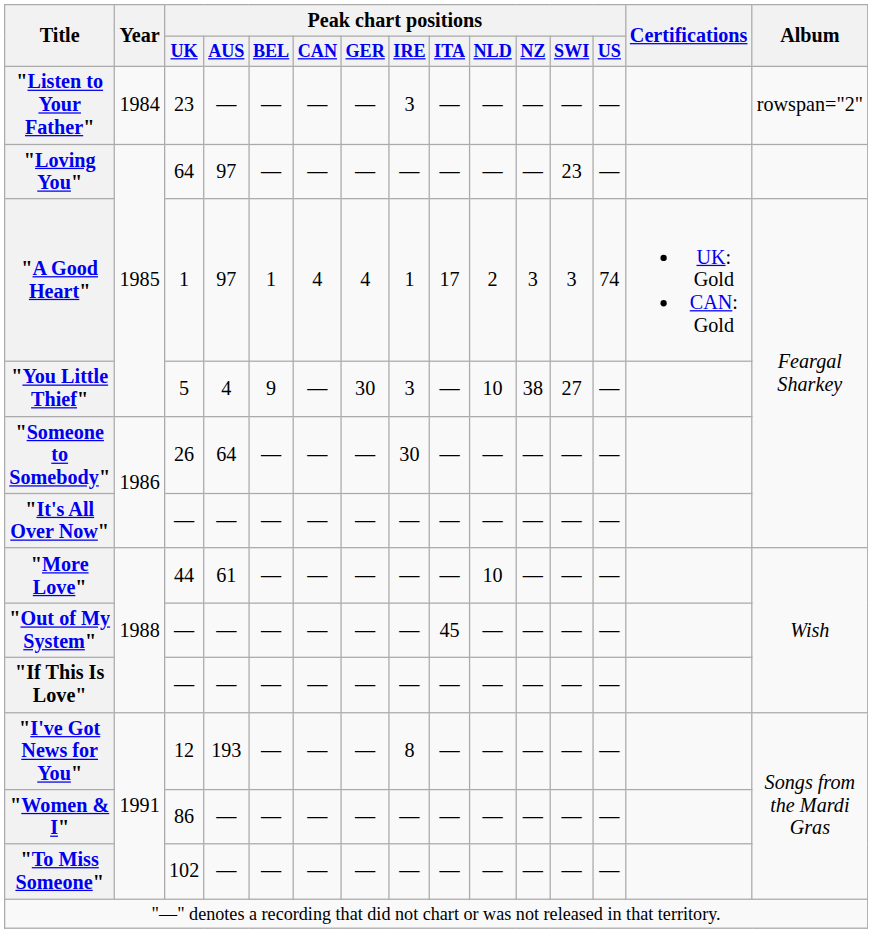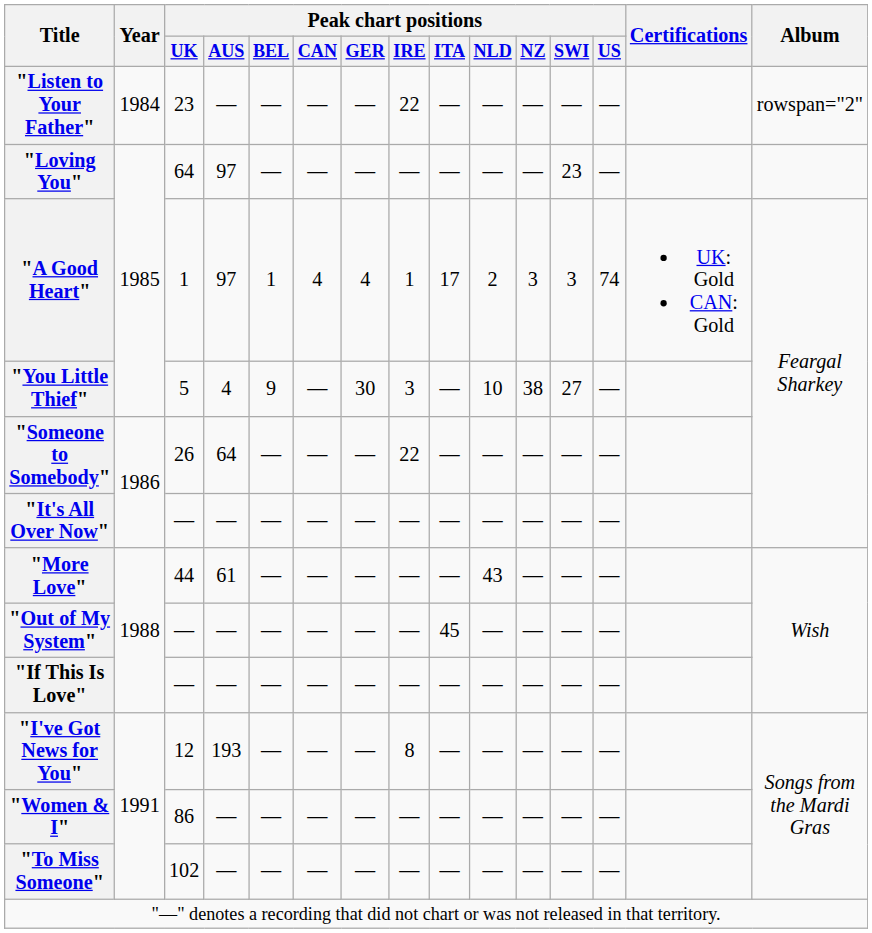 <table class="wikitable plainrowheaders" style="text-align:center;">
 <tr>
 <th scope="col" rowspan="2" style="width:16em;">Title</th>
 <th scope="col" rowspan="2">Year</th>
 <th scope="col" colspan="11">Peak chart positions</th>
 <th scope="col" rowspan="2"><a href='#'>Certifications</a></th>
 <th scope="col" rowspan="2">Album</th>
 </tr>
 <tr>
 <th scope="col" style="width:2.5em;font-size:90%;"><a href='#'>UK</a><br></th>
 <th scope="col" style="width:2.5em;font-size:90%;"><a href='#'>AUS</a><br></th>
 <th scope="col" style="width:2.5em;font-size:90%;"><a href='#'>BEL</a><br></th>
 <th scope="col" style="width:2.5em;font-size:90%;"><a href='#'>CAN</a><br></th>
 <th scope="col" style="width:2.5em;font-size:90%;"><a href='#'>GER</a><br></th>
 <th scope="col" style="width:2.5em;font-size:90%;"><a href='#'>IRE</a><br></th>
 <th scope="col" style="width:2.5em;font-size:90%;"><a href='#'>ITA</a><br></th>
 <th scope="col" style="width:2.5em;font-size:90%;"><a href='#'>NLD</a><br></th>
 <th scope="col" style="width:2.5em;font-size:90%;"><a href='#'>NZ</a><br></th>
 <th scope="col" style="width:2.5em;font-size:90%;"><a href='#'>SWI</a><br></th>
 <th scope="col" style="width:2.5em;font-size:90%;"><a href='#'>US</a><br></th>
 </tr>
 <tr>
 <th scope="row">"<a href='#'>Listen to Your Father</a>"</th>
 <td>1984</td>
 <td>23</td>
 <td>—</td>
 <td>—</td>
 <td>—</td>
 <td>—</td>
-<td>3</td>
+<td>22</td>
 <td>—</td>
 <td>—</td>
 <td>—</td>
 <td>—</td>
 <td>—</td>
 <td></td>
 <td>rowspan="2" </td>
 </tr>
 <tr>
 <th scope="row">"<a href='#'>Loving You</a>"</th>
 <td rowspan="3">1985</td>
 <td>64</td>
 <td>97</td>
 <td>—</td>
 <td>—</td>
 <td>—</td>
 <td>—</td>
 <td>—</td>
 <td>—</td>
 <td>—</td>
 <td>23</td>
 <td>—</td>
 <td></td>
 </tr>
 <tr>
 <th scope="row">"<a href='#'>A Good Heart</a>"</th>
 <td>1</td>
 <td>97</td>
 <td>1</td>
 <td>4</td>
 <td>4</td>
 <td>1</td>
 <td>17</td>
 <td>2</td>
 <td>3</td>
 <td>3</td>
 <td>74</td>
 <td><br><ul><li><a href='#'>UK</a>: Gold</li><li><a href='#'>CAN</a>: Gold</li></ul></td>
 <td rowspan="4"><em>Feargal Sharkey</em></td>
 </tr>
 <tr>
 <th scope="row">"<a href='#'>You Little Thief</a>"</th>
 <td>5</td>
 <td>4</td>
 <td>9</td>
 <td>—</td>
 <td>30</td>
 <td>3</td>
 <td>—</td>
 <td>10</td>
 <td>38</td>
 <td>27</td>
 <td>—</td>
 <td></td>
 </tr>
 <tr>
 <th scope="row">"<a href='#'>Someone to Somebody</a>"</th>
 <td rowspan="2">1986</td>
 <td>26</td>
 <td>64</td>
 <td>—</td>
 <td>—</td>
 <td>—</td>
-<td>30</td>
+<td>22</td>
 <td>—</td>
 <td>—</td>
 <td>—</td>
 <td>—</td>
 <td>—</td>
 <td></td>
 </tr>
 <tr>
 <th scope="row">"<a href='#'>It's All Over Now</a>"</th>
 <td>—</td>
 <td>—</td>
 <td>—</td>
 <td>—</td>
 <td>—</td>
 <td>—</td>
 <td>—</td>
 <td>—</td>
 <td>—</td>
 <td>—</td>
 <td>—</td>
 <td></td>
 </tr>
 <tr>
 <th scope="row">"<a href='#'>More Love</a>"</th>
 <td rowspan="3">1988</td>
 <td>44</td>
 <td>61</td>
 <td>—</td>
 <td>—</td>
 <td>—</td>
 <td>—</td>
 <td>—</td>
-<td>10</td>
+<td>43</td>
 <td>—</td>
 <td>—</td>
 <td>—</td>
 <td></td>
 <td rowspan="3"><em>Wish</em></td>
 </tr>
 <tr>
 <th scope="row">"<a href='#'>Out of My System</a>"</th>
 <td>—</td>
 <td>—</td>
 <td>—</td>
 <td>—</td>
 <td>—</td>
 <td>—</td>
 <td>45</td>
 <td>—</td>
 <td>—</td>
 <td>—</td>
 <td>—</td>
 <td></td>
 </tr>
 <tr>
 <th scope="row">"If This Is Love"</th>
 <td>—</td>
 <td>—</td>
 <td>—</td>
 <td>—</td>
 <td>—</td>
 <td>—</td>
 <td>—</td>
 <td>—</td>
 <td>—</td>
 <td>—</td>
 <td>—</td>
 <td></td>
 </tr>
 <tr>
 <th scope="row">"<a href='#'>I've Got News for You</a>"</th>
 <td rowspan="3">1991</td>
 <td>12</td>
 <td>193</td>
 <td>—</td>
 <td>—</td>
 <td>—</td>
 <td>8</td>
 <td>—</td>
 <td>—</td>
 <td>—</td>
 <td>—</td>
 <td>—</td>
 <td></td>
 <td rowspan="3"><em>Songs from the Mardi Gras</em></td>
 </tr>
 <tr>
 <th scope="row">"<a href='#'>Women & I</a>"</th>
 <td>86</td>
 <td>—</td>
 <td>—</td>
 <td>—</td>
 <td>—</td>
 <td>—</td>
 <td>—</td>
 <td>—</td>
 <td>—</td>
 <td>—</td>
 <td>—</td>
 <td></td>
 </tr>
 <tr>
 <th scope="row">"<a href='#'>To Miss Someone</a>"</th>
 <td>102</td>
 <td>—</td>
 <td>—</td>
 <td>—</td>
 <td>—</td>
 <td>—</td>
 <td>—</td>
 <td>—</td>
 <td>—</td>
 <td>—</td>
 <td>—</td>
 <td></td>
 </tr>
 <tr>
 <td colspan="15" style="font-size:90%">"—" denotes a recording that did not chart or was not released in that territory.</td>
 </tr>
 </table>
